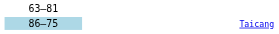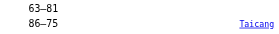 <table style="text-align:center">
 <tr>
 <th width=200></th>
 <th width=100></th>
 <th width=200></th>
 <th></th>
 </tr>
 <tr>
 <td align=right></td>
 <td>63–81</td>
 <td align=left><strong></strong></td>
 </tr>
 <tr>
 <td align=right><strong></strong></td>
-<td style="background: lightblue;">86–75</td>
+<td>86–75</td>
 <td align=left></td>
 <td align=left><small><a href='#'>Taicang</a></small></td>
 </tr>
 </table>
